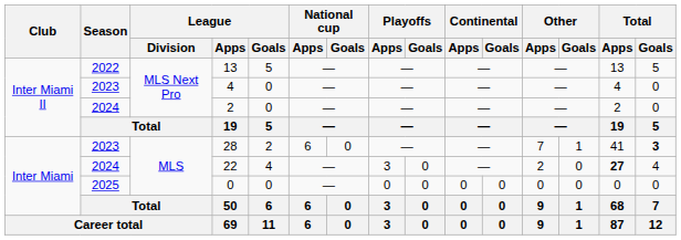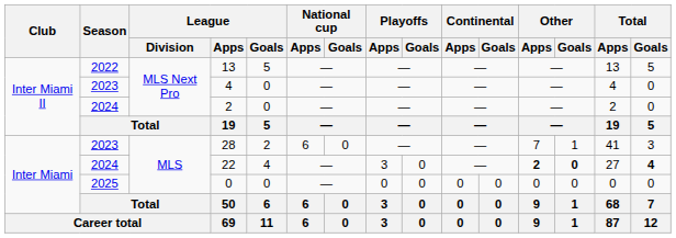 <table class=wikitable style=text-align:center>
 <tr>
 <th rowspan=2>Club</th>
 <th rowspan=2>Season</th>
 <th colspan=3>League</th>
 <th colspan=2>National cup</th>
 <th colspan=2>Playoffs</th>
 <th colspan=2>Continental</th>
 <th colspan=2>Other</th>
 <th colspan=2>Total</th>
 </tr>
 <tr>
 <th>Division</th>
 <th>Apps</th>
 <th>Goals</th>
 <th>Apps</th>
 <th>Goals</th>
 <th>Apps</th>
 <th>Goals</th>
 <th>Apps</th>
 <th>Goals</th>
 <th>Apps</th>
 <th>Goals</th>
 <th>Apps</th>
 <th>Goals</th>
 </tr>
 <tr>
 <td rowspan=4><a href='#'>Inter Miami II</a></td>
 <td><a href='#'>2022</a></td>
 <td rowspan=3><a href='#'>MLS Next Pro</a></td>
 <td>13</td>
 <td>5</td>
 <td colspan=2>—</td>
 <td colspan=2>—</td>
 <td colspan=2>—</td>
 <td colspan=2>—</td>
 <td>13</td>
 <td>5</td>
 </tr>
 <tr>
 <td><a href='#'>2023</a></td>
 <td>4</td>
 <td>0</td>
 <td colspan=2>—</td>
 <td colspan=2>—</td>
 <td colspan=2>—</td>
 <td colspan=2>—</td>
 <td>4</td>
 <td>0</td>
 </tr>
 <tr>
 <td><a href='#'>2024</a></td>
 <td>2</td>
 <td>0</td>
 <td colspan=2>—</td>
 <td colspan=2>—</td>
 <td colspan=2>—</td>
 <td colspan=2>—</td>
 <td>2</td>
 <td>0</td>
 </tr>
 <tr>
 <th colspan=2>Total</th>
 <th>19</th>
 <th>5</th>
 <th colspan=2>—</th>
 <th colspan=2>—</th>
 <th colspan=2>—</th>
 <th colspan=2>—</th>
 <th>19</th>
 <th>5</th>
 </tr>
 <tr>
 <td rowspan=4><a href='#'>Inter Miami</a></td>
 <td><a href='#'>2023</a></td>
 <td rowspan=3><a href='#'>MLS</a></td>
 <td>28</td>
 <td>2</td>
 <td>6</td>
 <td>0</td>
 <td colspan=2>—</td>
 <td colspan=2>—</td>
 <td>7</td>
 <td>1</td>
 <td>41</td>
-<td><strong>3</strong></td>
+<td>3</td>
 </tr>
 <tr>
 <td><a href='#'>2024</a></td>
 <td>22</td>
 <td>4</td>
 <td colspan=2>—</td>
 <td>3</td>
 <td>0</td>
 <td colspan=2>—</td>
-<td>2</td>
-<td>0</td>
-<td><strong>27</strong></td>
-<td>4</td>
+<td><strong>2</strong></td>
+<td><strong>0</strong></td>
+<td>27</td>
+<td><strong>4</strong></td>
 </tr>
 <tr>
 <td><a href='#'>2025</a></td>
 <td>0</td>
 <td>0</td>
 <td colspan=2>—</td>
 <td>0</td>
 <td>0</td>
 <td>0</td>
 <td>0</td>
 <td>0</td>
 <td>0</td>
 <td>0</td>
 <td>0</td>
 </tr>
 <tr>
 <th colspan=2>Total</th>
 <th>50</th>
 <th>6</th>
 <th>6</th>
 <th>0</th>
 <th>3</th>
 <th>0</th>
 <th>0</th>
 <th>0</th>
 <th>9</th>
 <th>1</th>
 <th>68</th>
 <th>7</th>
 </tr>
 <tr>
 <th colspan=3>Career total</th>
 <th>69</th>
 <th>11</th>
 <th>6</th>
 <th>0</th>
 <th>3</th>
 <th>0</th>
 <th>0</th>
 <th>0</th>
 <th>9</th>
 <th>1</th>
 <th>87</th>
 <th>12</th>
 </tr>
 </table>
